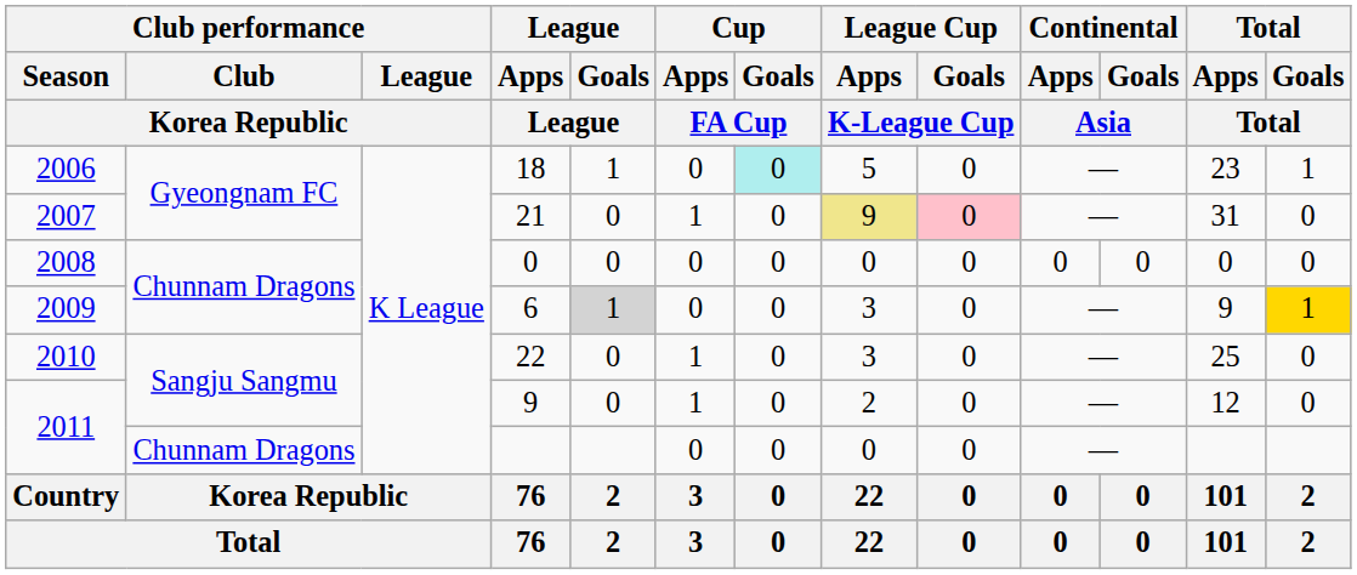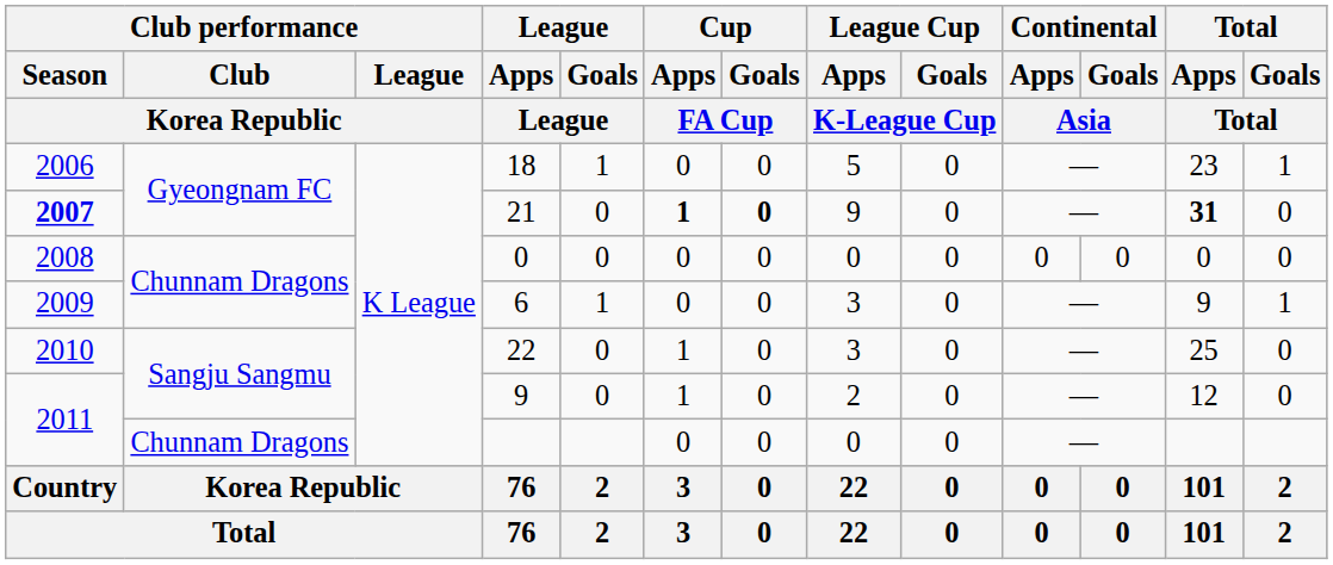 <table class="wikitable" style="text-align:center;">
 <tr>
 <th colspan=3>Club performance</th>
 <th colspan=2>League</th>
 <th colspan=2>Cup</th>
 <th colspan=2>League Cup</th>
 <th colspan=2>Continental</th>
 <th colspan=2>Total</th>
 </tr>
 <tr>
 <th>Season</th>
 <th>Club</th>
 <th>League</th>
 <th>Apps</th>
 <th>Goals</th>
 <th>Apps</th>
 <th>Goals</th>
 <th>Apps</th>
 <th>Goals</th>
 <th>Apps</th>
 <th>Goals</th>
 <th>Apps</th>
 <th>Goals</th>
 </tr>
 <tr>
 <th colspan=3>Korea Republic</th>
 <th colspan=2>League</th>
 <th colspan=2><a href='#'>FA Cup</a></th>
 <th colspan=2><a href='#'>K-League Cup</a></th>
 <th colspan=2><a href='#'>Asia</a></th>
 <th colspan=2>Total</th>
 </tr>
 <tr>
 <td><a href='#'>2006</a></td>
 <td rowspan="2"><a href='#'>Gyeongnam FC</a></td>
 <td rowspan="7"><a href='#'>K League</a></td>
 <td>18</td>
 <td>1</td>
 <td>0</td>
-<td style="background: paleturquoise;">0</td>
+<td>0</td>
 <td>5</td>
 <td>0</td>
 <td colspan="2">—</td>
 <td>23</td>
 <td>1</td>
 </tr>
 <tr>
-<td><a href='#'>2007</a></td>
+<td><strong><a href='#'>2007</a></strong></td>
 <td>21</td>
 <td>0</td>
-<td>1</td>
+<td><strong>1</strong></td>
+<td><strong>0</strong></td>
+<td>9</td>
 <td>0</td>
-<td style="background: khaki;">9</td>
-<td style="background: pink;">0</td>
 <td colspan="2">—</td>
-<td>31</td>
+<td><strong>31</strong></td>
 <td>0</td>
 </tr>
 <tr>
 <td><a href='#'>2008</a></td>
 <td rowspan="2"><a href='#'>Chunnam Dragons</a></td>
 <td>0</td>
 <td>0</td>
 <td>0</td>
 <td>0</td>
 <td>0</td>
 <td>0</td>
 <td>0</td>
 <td>0</td>
 <td>0</td>
 <td>0</td>
 </tr>
 <tr>
 <td><a href='#'>2009</a></td>
 <td>6</td>
-<td style="background: lightgrey;">1</td>
+<td>1</td>
 <td>0</td>
 <td>0</td>
 <td>3</td>
 <td>0</td>
 <td colspan="2">—</td>
 <td>9</td>
-<td style="background: gold;">1</td>
+<td>1</td>
 </tr>
 <tr>
 <td><a href='#'>2010</a></td>
 <td rowspan="2"><a href='#'>Sangju Sangmu</a></td>
 <td>22</td>
 <td>0</td>
 <td>1</td>
 <td>0</td>
 <td>3</td>
 <td>0</td>
 <td colspan="2">—</td>
 <td>25</td>
 <td>0</td>
 </tr>
 <tr>
 <td rowspan=2><a href='#'>2011</a></td>
 <td>9</td>
 <td>0</td>
 <td>1</td>
 <td>0</td>
 <td>2</td>
 <td>0</td>
 <td colspan="2">—</td>
 <td>12</td>
 <td>0</td>
 </tr>
 <tr>
 <td><a href='#'>Chunnam Dragons</a></td>
 <td></td>
 <td></td>
 <td>0</td>
 <td>0</td>
 <td>0</td>
 <td>0</td>
 <td colspan="2">—</td>
 <td></td>
 <td></td>
 </tr>
 <tr>
 <th rowspan=1>Country</th>
 <th colspan=2>Korea Republic</th>
 <th>76</th>
 <th>2</th>
 <th>3</th>
 <th>0</th>
 <th>22</th>
 <th>0</th>
 <th>0</th>
 <th>0</th>
 <th>101</th>
 <th>2</th>
 </tr>
 <tr>
 <th colspan=3>Total</th>
 <th>76</th>
 <th>2</th>
 <th>3</th>
 <th>0</th>
 <th>22</th>
 <th>0</th>
 <th>0</th>
 <th>0</th>
 <th>101</th>
 <th>2</th>
 </tr>
 </table>
